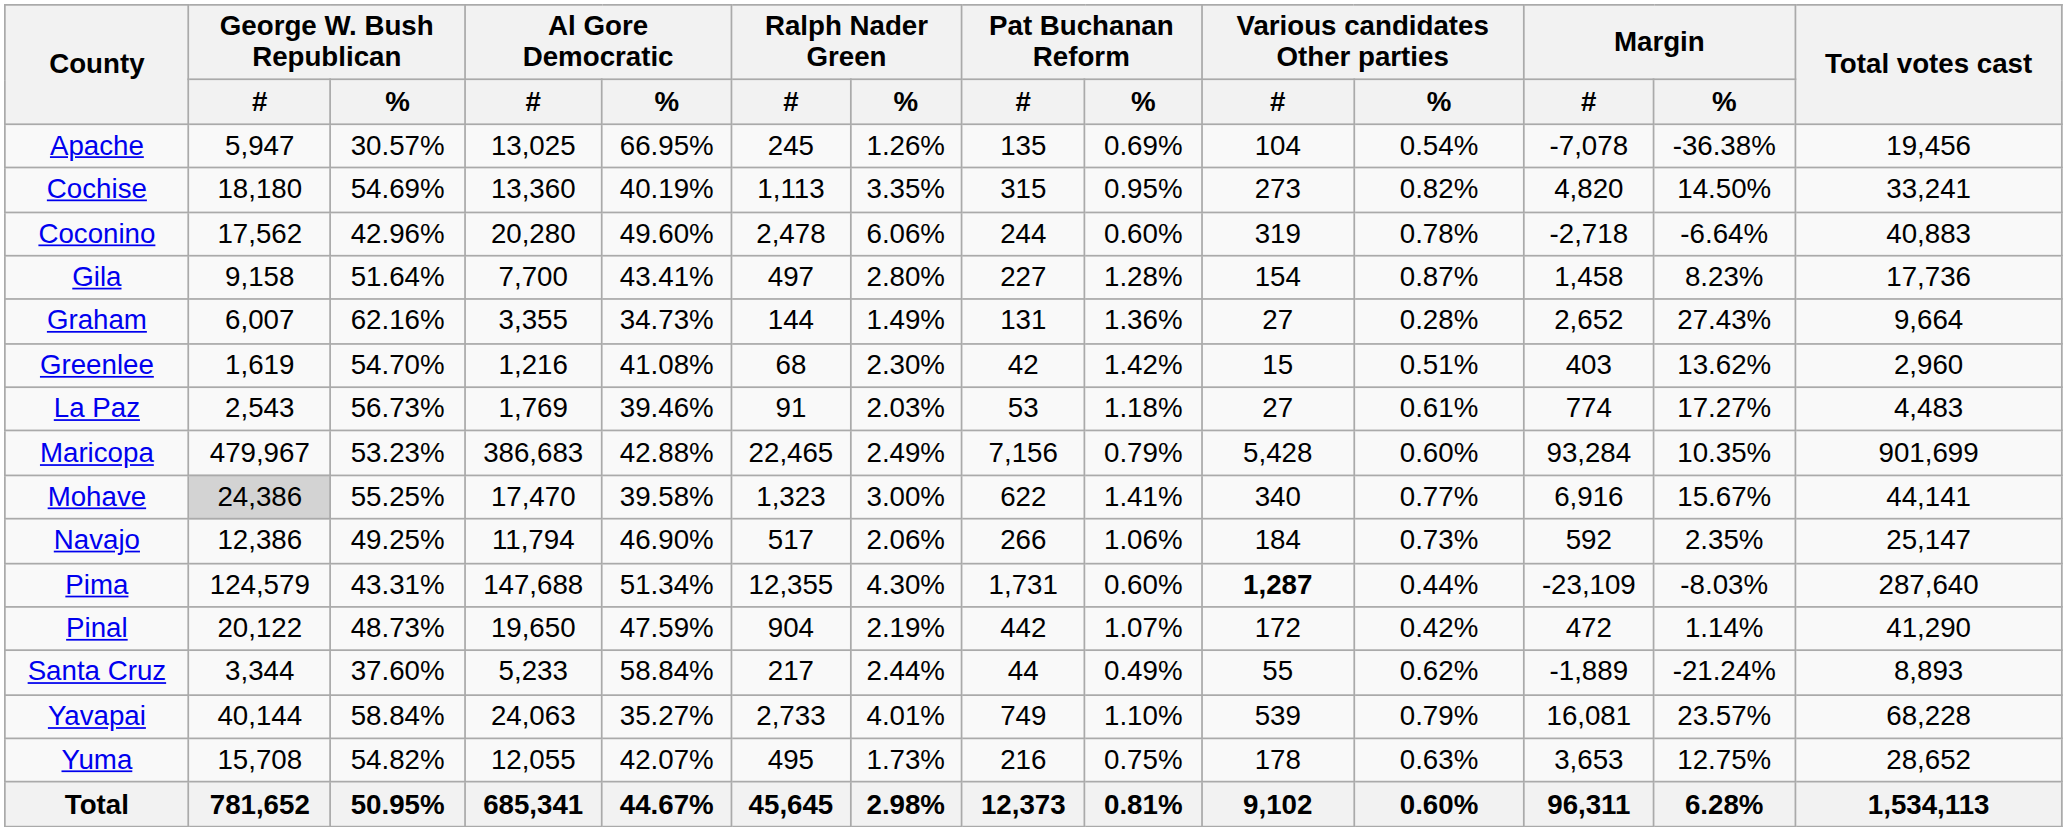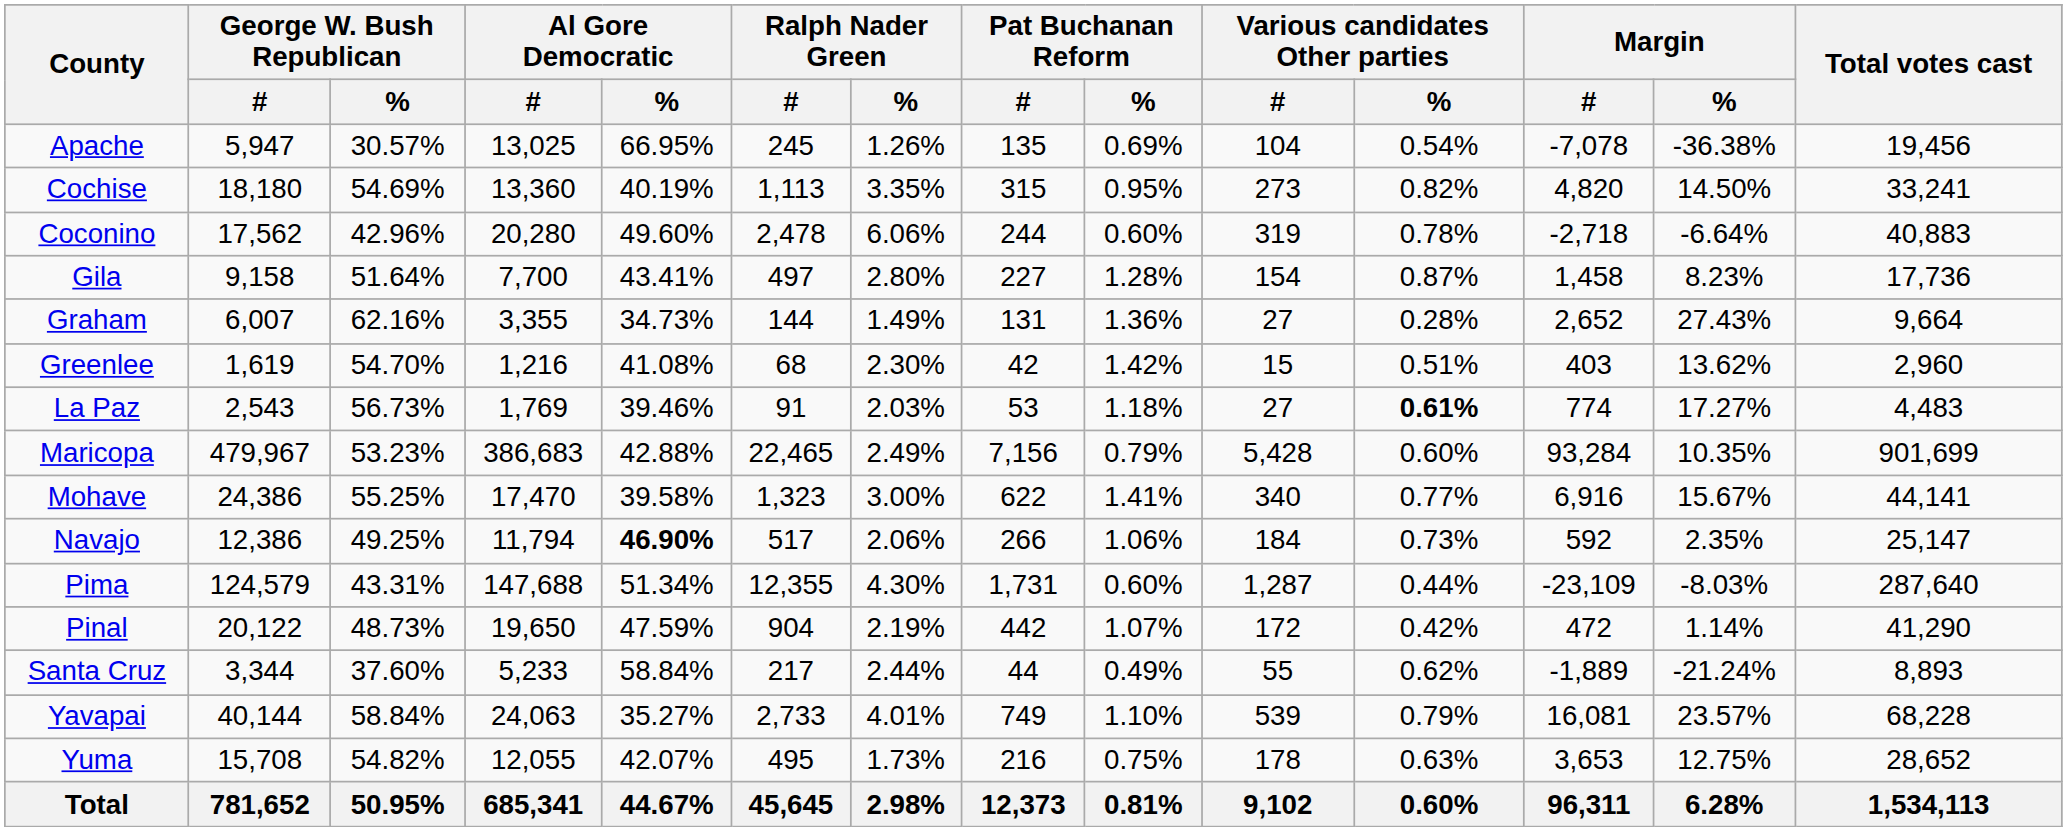 <table width="60%" class="wikitable sortable">
 <tr>
 <th style="text-align:center;" rowspan="2">County</th>
 <th style="text-align:center;" colspan="2">George W. Bush<br>Republican</th>
 <th style="text-align:center;" colspan="2">Al Gore<br>Democratic</th>
 <th style="text-align:center;" colspan="2">Ralph Nader<br>Green</th>
 <th style="text-align:center;" colspan="2">Pat Buchanan<br>Reform</th>
 <th style="text-align:center;" colspan="2">Various candidates<br>Other parties</th>
 <th style="text-align:center;" colspan="2">Margin</th>
 <th style="text-align:center;" rowspan="2">Total votes cast</th>
 </tr>
 <tr>
 <th style="text-align:center;" data-sort-type="number">#</th>
 <th style="text-align:center;" data-sort-type="number">%</th>
 <th style="text-align:center;" data-sort-type="number">#</th>
 <th style="text-align:center;" data-sort-type="number">%</th>
 <th style="text-align:center;" data-sort-type="number">#</th>
 <th style="text-align:center;" data-sort-type="number">%</th>
 <th style="text-align:center;" data-sort-type="number">#</th>
 <th style="text-align:center;" data-sort-type="number">%</th>
 <th style="text-align:center;" data-sort-type="number">#</th>
 <th style="text-align:center;" data-sort-type="number">%</th>
 <th style="text-align:center;" data-sort-type="number">#</th>
 <th style="text-align:center;" data-sort-type="number">%</th>
 </tr>
 <tr style="text-align:center;">
 <td><a href='#'>Apache</a></td>
 <td>5,947</td>
 <td>30.57%</td>
 <td>13,025</td>
 <td>66.95%</td>
 <td>245</td>
 <td>1.26%</td>
 <td>135</td>
 <td>0.69%</td>
 <td>104</td>
 <td>0.54%</td>
 <td>-7,078</td>
 <td>-36.38%</td>
 <td>19,456</td>
 </tr>
 <tr style="text-align:center;">
 <td><a href='#'>Cochise</a></td>
 <td>18,180</td>
 <td>54.69%</td>
 <td>13,360</td>
 <td>40.19%</td>
 <td>1,113</td>
 <td>3.35%</td>
 <td>315</td>
 <td>0.95%</td>
 <td>273</td>
 <td>0.82%</td>
 <td>4,820</td>
 <td>14.50%</td>
 <td>33,241</td>
 </tr>
 <tr style="text-align:center;">
 <td><a href='#'>Coconino</a></td>
 <td>17,562</td>
 <td>42.96%</td>
 <td>20,280</td>
 <td>49.60%</td>
 <td>2,478</td>
 <td>6.06%</td>
 <td>244</td>
 <td>0.60%</td>
 <td>319</td>
 <td>0.78%</td>
 <td>-2,718</td>
 <td>-6.64%</td>
 <td>40,883</td>
 </tr>
 <tr style="text-align:center;">
 <td><a href='#'>Gila</a></td>
 <td>9,158</td>
 <td>51.64%</td>
 <td>7,700</td>
 <td>43.41%</td>
 <td>497</td>
 <td>2.80%</td>
 <td>227</td>
 <td>1.28%</td>
 <td>154</td>
 <td>0.87%</td>
 <td>1,458</td>
 <td>8.23%</td>
 <td>17,736</td>
 </tr>
 <tr style="text-align:center;">
 <td><a href='#'>Graham</a></td>
 <td>6,007</td>
 <td>62.16%</td>
 <td>3,355</td>
 <td>34.73%</td>
 <td>144</td>
 <td>1.49%</td>
 <td>131</td>
 <td>1.36%</td>
 <td>27</td>
 <td>0.28%</td>
 <td>2,652</td>
 <td>27.43%</td>
 <td>9,664</td>
 </tr>
 <tr style="text-align:center;">
 <td><a href='#'>Greenlee</a></td>
 <td>1,619</td>
 <td>54.70%</td>
 <td>1,216</td>
 <td>41.08%</td>
 <td>68</td>
 <td>2.30%</td>
 <td>42</td>
 <td>1.42%</td>
 <td>15</td>
 <td>0.51%</td>
 <td>403</td>
 <td>13.62%</td>
 <td>2,960</td>
 </tr>
 <tr style="text-align:center;">
 <td><a href='#'>La Paz</a></td>
 <td>2,543</td>
 <td>56.73%</td>
 <td>1,769</td>
 <td>39.46%</td>
 <td>91</td>
 <td>2.03%</td>
 <td>53</td>
 <td>1.18%</td>
 <td>27</td>
-<td>0.61%</td>
+<td><strong>0.61%</strong></td>
 <td>774</td>
 <td>17.27%</td>
 <td>4,483</td>
 </tr>
 <tr style="text-align:center;">
 <td><a href='#'>Maricopa</a></td>
 <td>479,967</td>
 <td>53.23%</td>
 <td>386,683</td>
 <td>42.88%</td>
 <td>22,465</td>
 <td>2.49%</td>
 <td>7,156</td>
 <td>0.79%</td>
 <td>5,428</td>
 <td>0.60%</td>
 <td>93,284</td>
 <td>10.35%</td>
 <td>901,699</td>
 </tr>
 <tr style="text-align:center;">
 <td><a href='#'>Mohave</a></td>
-<td style="background: lightgrey;">24,386</td>
+<td>24,386</td>
 <td>55.25%</td>
 <td>17,470</td>
 <td>39.58%</td>
 <td>1,323</td>
 <td>3.00%</td>
 <td>622</td>
 <td>1.41%</td>
 <td>340</td>
 <td>0.77%</td>
 <td>6,916</td>
 <td>15.67%</td>
 <td>44,141</td>
 </tr>
 <tr style="text-align:center;">
 <td><a href='#'>Navajo</a></td>
 <td>12,386</td>
 <td>49.25%</td>
 <td>11,794</td>
-<td>46.90%</td>
+<td><strong>46.90%</strong></td>
 <td>517</td>
 <td>2.06%</td>
 <td>266</td>
 <td>1.06%</td>
 <td>184</td>
 <td>0.73%</td>
 <td>592</td>
 <td>2.35%</td>
 <td>25,147</td>
 </tr>
 <tr style="text-align:center;">
 <td><a href='#'>Pima</a></td>
 <td>124,579</td>
 <td>43.31%</td>
 <td>147,688</td>
 <td>51.34%</td>
 <td>12,355</td>
 <td>4.30%</td>
 <td>1,731</td>
 <td>0.60%</td>
-<td><strong>1,287</strong></td>
+<td>1,287</td>
 <td>0.44%</td>
 <td>-23,109</td>
 <td>-8.03%</td>
 <td>287,640</td>
 </tr>
 <tr style="text-align:center;">
 <td><a href='#'>Pinal</a></td>
 <td>20,122</td>
 <td>48.73%</td>
 <td>19,650</td>
 <td>47.59%</td>
 <td>904</td>
 <td>2.19%</td>
 <td>442</td>
 <td>1.07%</td>
 <td>172</td>
 <td>0.42%</td>
 <td>472</td>
 <td>1.14%</td>
 <td>41,290</td>
 </tr>
 <tr style="text-align:center;">
 <td><a href='#'>Santa Cruz</a></td>
 <td>3,344</td>
 <td>37.60%</td>
 <td>5,233</td>
 <td>58.84%</td>
 <td>217</td>
 <td>2.44%</td>
 <td>44</td>
 <td>0.49%</td>
 <td>55</td>
 <td>0.62%</td>
 <td>-1,889</td>
 <td>-21.24%</td>
 <td>8,893</td>
 </tr>
 <tr style="text-align:center;">
 <td><a href='#'>Yavapai</a></td>
 <td>40,144</td>
 <td>58.84%</td>
 <td>24,063</td>
 <td>35.27%</td>
 <td>2,733</td>
 <td>4.01%</td>
 <td>749</td>
 <td>1.10%</td>
 <td>539</td>
 <td>0.79%</td>
 <td>16,081</td>
 <td>23.57%</td>
 <td>68,228</td>
 </tr>
 <tr style="text-align:center;">
 <td><a href='#'>Yuma</a></td>
 <td>15,708</td>
 <td>54.82%</td>
 <td>12,055</td>
 <td>42.07%</td>
 <td>495</td>
 <td>1.73%</td>
 <td>216</td>
 <td>0.75%</td>
 <td>178</td>
 <td>0.63%</td>
 <td>3,653</td>
 <td>12.75%</td>
 <td>28,652</td>
 </tr>
 <tr style="text-align:center;">
 <th>Total</th>
 <th>781,652</th>
 <th>50.95%</th>
 <th>685,341</th>
 <th>44.67%</th>
 <th>45,645</th>
 <th>2.98%</th>
 <th>12,373</th>
 <th>0.81%</th>
 <th>9,102</th>
 <th>0.60%</th>
 <th>96,311</th>
 <th>6.28%</th>
 <th>1,534,113</th>
 </tr>
 </table>
